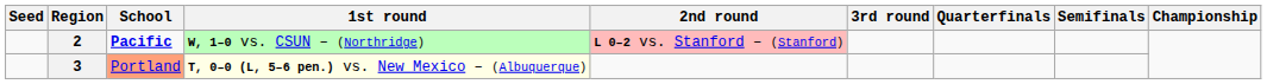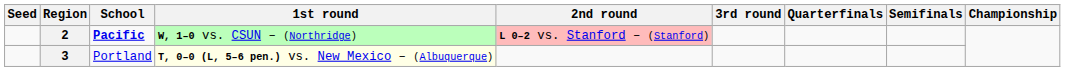 <table class="sortable wikitable" style="white-space:nowrap; font-size:90%;">
 <tr>
 <th>Seed</th>
 <th>Region</th>
 <th>School</th>
 <th>1st round</th>
 <th>2nd round</th>
 <th>3rd round</th>
 <th>Quarterfinals</th>
 <th>Semifinals</th>
 <th>Championship</th>
 </tr>
 <tr>
 <td></td>
 <th>2</th>
 <td><strong><a href='#'>Pacific</a></strong></td>
 <td style="background:#bfb;"><small><strong>W, 1–0</strong></small> vs. <a href='#'>CSUN</a> – <small>(<a href='#'>Northridge</a>)</small></td>
 <td style="background:#fbb;"><small><strong>L 0–2</strong></small> vs. <a href='#'>Stanford</a> – <small>(<a href='#'>Stanford</a>)</small></td>
 <td></td>
 <td></td>
 <td></td>
 </tr>
 <tr>
 <td></td>
 <th>3</th>
-<td style="background: lightsalmon;"><a href='#'>Portland</a></td>
+<td><a href='#'>Portland</a></td>
 <td style="background:#FFFFE6;"><small><strong>T, 0–0 (L, 5–6 pen.)</strong></small> vs. <a href='#'>New Mexico</a> – <small>(<a href='#'>Albuquerque</a>)</small></td>
 <td></td>
 <td></td>
 <td></td>
 <td></td>
 </tr>
 </table>
